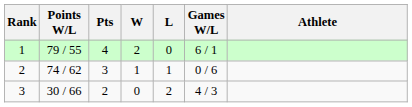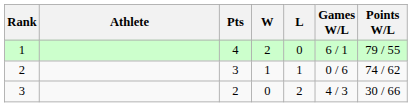 <table class="wikitable" style="text-align: center; font-size:90% ">
 <tr>
 <th width="20">Rank</th>
-<th width="50">Points<br>W/L</th>
+<th width="200">Athlete</th>
 <th width="30">Pts</th>
 <th width="30">W</th>
 <th width="30">L</th>
 <th width="40">Games<br>W/L</th>
-<th width="200">Athlete</th>
+<th width="50">Points<br>W/L</th>
 </tr>
 <tr bgcolor=#ccffcc>
 <td>1</td>
-<td>79 / 55</td>
+<td align=left></td>
 <td>4</td>
 <td>2</td>
 <td>0</td>
 <td>6 / 1</td>
-<td align=left></td>
+<td>79 / 55</td>
 </tr>
 <tr>
 <td>2</td>
-<td>74 / 62</td>
+<td align=left></td>
 <td>3</td>
 <td>1</td>
 <td>1</td>
 <td>0 / 6</td>
-<td align=left></td>
+<td>74 / 62</td>
 </tr>
 <tr>
 <td>3</td>
-<td>30 / 66</td>
+<td align=left></td>
 <td>2</td>
 <td>0</td>
 <td>2</td>
 <td>4 / 3</td>
-<td align=left></td>
+<td>30 / 66</td>
 </tr>
 </table>
